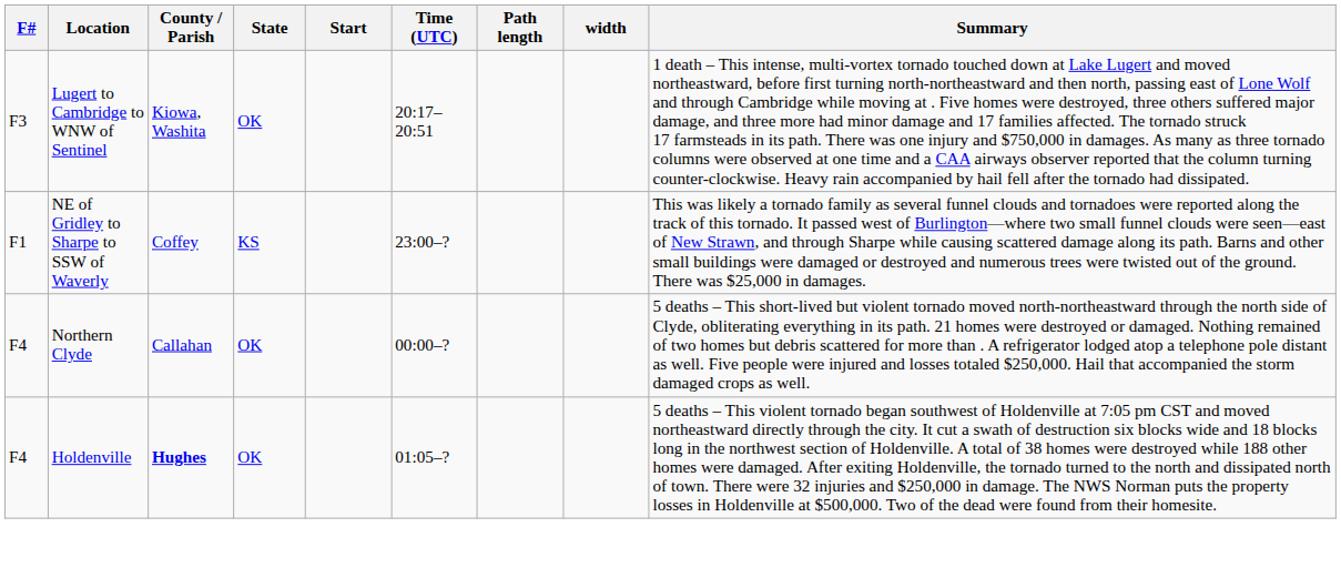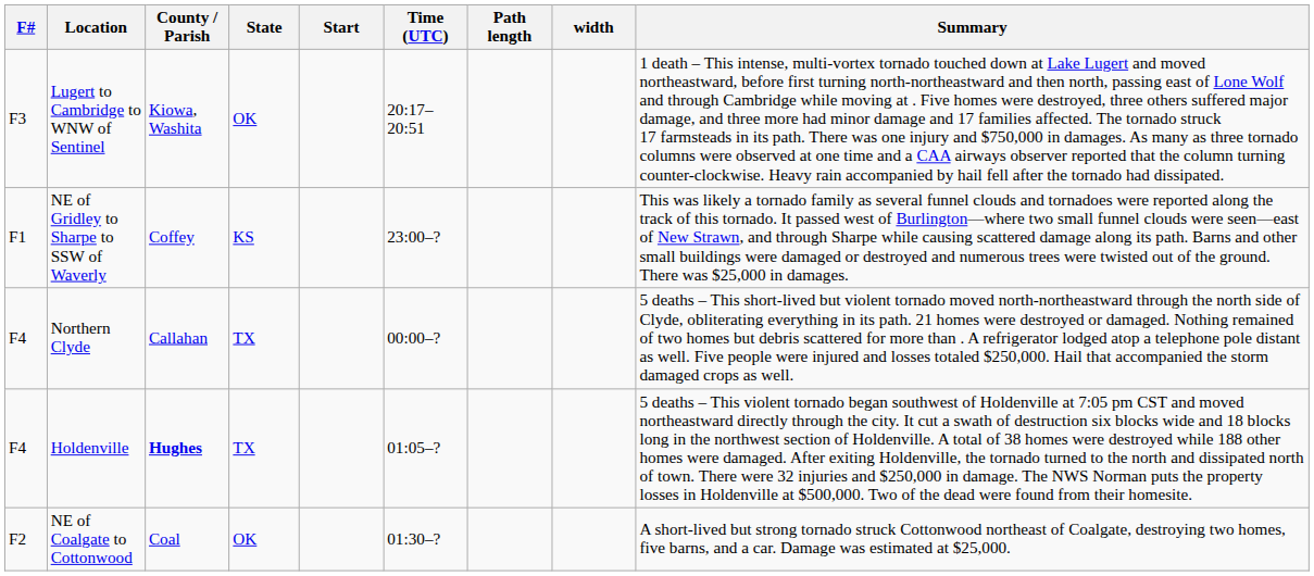 <table class="wikitable sortable" style="width:100%;">
 <tr>
 <th scope="col"  style="width:3%; text-align:center;"><a href='#'>F#</a></th>
 <th scope="col"  style="width:7%; text-align:center;" class="unsortable">Location</th>
 <th scope="col"  style="width:6%; text-align:center;" class="unsortable">County / Parish</th>
 <th scope="col"  style="width:5%; text-align:center;">State</th>
 <th scope="col"  style="width:6%; text-align:center;">Start<br></th>
 <th scope="col"  style="width:6%; text-align:center;">Time (<a href='#'>UTC</a>)</th>
 <th scope="col"  style="width:6%; text-align:center;">Path length</th>
 <th scope="col"  style="width:6%; text-align:center;"> width</th>
 <th scope="col" class="unsortable" style="width:48%; text-align:center;">Summary</th>
 </tr>
 <tr>
 <td>F3</td>
 <td><a href='#'>Lugert</a> to <a href='#'>Cambridge</a> to WNW of <a href='#'>Sentinel</a></td>
 <td><a href='#'>Kiowa</a>, <a href='#'>Washita</a></td>
 <td><a href='#'>OK</a></td>
 <td></td>
 <td>20:17–20:51</td>
 <td></td>
 <td></td>
 <td>1 death – This intense, multi-vortex tornado touched down at <a href='#'>Lake Lugert</a> and moved northeastward, before first turning north-northeastward and then north, passing east of <a href='#'>Lone Wolf</a> and through Cambridge while moving at . Five homes were destroyed, three others suffered major damage, and three more had minor damage and 17 families affected. The tornado struck 17 farmsteads in its path. There was one injury and $750,000 in damages. As many as three tornado columns were observed at one time and a <a href='#'>CAA</a> airways observer reported that the column turning counter-clockwise. Heavy rain accompanied by hail fell after the tornado had dissipated.</td>
 </tr>
 <tr>
 <td>F1</td>
 <td>NE of <a href='#'>Gridley</a> to <a href='#'>Sharpe</a> to SSW of <a href='#'>Waverly</a></td>
 <td><a href='#'>Coffey</a></td>
 <td><a href='#'>KS</a></td>
 <td></td>
 <td>23:00–?</td>
 <td></td>
 <td></td>
 <td>This was likely a tornado family as several funnel clouds and tornadoes were reported along the track of this tornado. It passed west of <a href='#'>Burlington</a>—where two small funnel clouds were seen—east of <a href='#'>New Strawn</a>, and through Sharpe while causing scattered damage along its path. Barns and other small buildings were damaged or destroyed and numerous trees were twisted out of the ground. There was $25,000 in damages.</td>
 </tr>
 <tr>
 <td>F4</td>
 <td>Northern <a href='#'>Clyde</a></td>
 <td><a href='#'>Callahan</a></td>
-<td><a href='#'>OK</a></td>
+<td><a href='#'>TX</a></td>
 <td></td>
 <td>00:00–?</td>
 <td></td>
 <td></td>
 <td>5 deaths – This short-lived but violent tornado moved north-northeastward through the north side of Clyde, obliterating everything in its path. 21 homes were destroyed or damaged. Nothing remained of two homes but debris scattered for more than . A refrigerator lodged atop a telephone pole  distant as well. Five people were injured and losses totaled $250,000. Hail that accompanied the storm damaged crops as well.</td>
 </tr>
 <tr>
 <td>F4</td>
 <td><a href='#'>Holdenville</a></td>
 <td><strong><a href='#'>Hughes</a></strong></td>
-<td><a href='#'>OK</a></td>
+<td><a href='#'>TX</a></td>
 <td></td>
 <td>01:05–?</td>
 <td></td>
 <td></td>
 <td>5 deaths – This violent tornado began  southwest of Holdenville at 7:05 pm CST and moved northeastward directly through the city. It cut a swath of destruction six blocks wide and 18 blocks long in the northwest section of Holdenville. A total of 38 homes were destroyed while 188 other homes were damaged. After exiting Holdenville, the tornado turned to the north and dissipated  north of town. There were 32 injuries and $250,000 in damage. The NWS Norman puts the property losses in Holdenville at $500,000. Two of the dead were found  from their homesite.</td>
 </tr>
+<tr>
+<td>F2</td>
+<td>NE of <a href='#'>Coalgate</a> to <a href='#'>Cottonwood</a></td>
+<td><a href='#'>Coal</a></td>
+<td><a href='#'>OK</a></td>
+<td></td>
+<td>01:30–?</td>
+<td></td>
+<td></td>
+<td>A short-lived but strong tornado struck Cottonwood  northeast of Coalgate, destroying two homes, five barns, and a car. Damage was estimated at $25,000.</td>
+</tr>
 </table>
